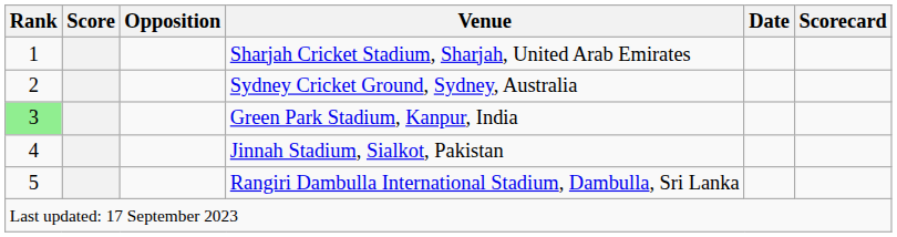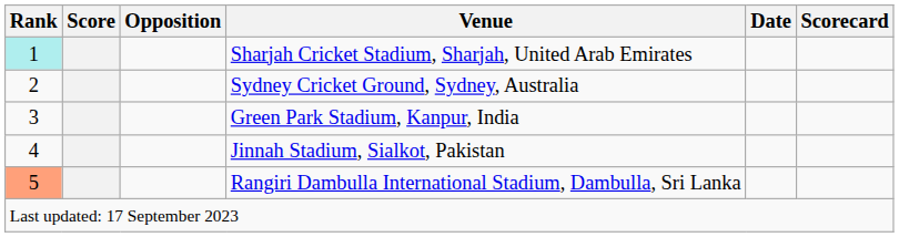 <table class="wikitable sortable">
 <tr>
 <th scope=col>Rank</th>
 <th scope=col>Score</th>
 <th scope=col>Opposition</th>
 <th scope=col>Venue</th>
 <th scope=col>Date</th>
 <th scope=col>Scorecard</th>
 </tr>
 <tr>
-<td align=center>1</td>
+<td align=center style="background: paleturquoise;">1</td>
 <th scope=row style=text-align:center;></th>
 <td></td>
 <td><a href='#'>Sharjah Cricket Stadium</a>, <a href='#'>Sharjah</a>, United Arab Emirates</td>
 <td></td>
 <td></td>
 </tr>
 <tr>
 <td align=center>2</td>
 <th scope=row style=text-align:center;></th>
 <td></td>
 <td><a href='#'>Sydney Cricket Ground</a>, <a href='#'>Sydney</a>, Australia</td>
 <td></td>
 <td></td>
 </tr>
 <tr>
-<td align=center style="background: lightgreen;">3</td>
+<td align=center>3</td>
 <th scope=row style=text-align:center;></th>
 <td></td>
 <td><a href='#'>Green Park Stadium</a>, <a href='#'>Kanpur</a>, India</td>
 <td></td>
 <td></td>
 </tr>
 <tr>
 <td align=center>4</td>
 <th scope=row style=text-align:center;></th>
 <td></td>
 <td><a href='#'>Jinnah Stadium</a>, <a href='#'>Sialkot</a>, Pakistan</td>
 <td></td>
 <td></td>
 </tr>
 <tr>
-<td align=center>5</td>
+<td align=center style="background: lightsalmon;">5</td>
 <th scope=row style=text-align:center;></th>
 <td></td>
 <td><a href='#'>Rangiri Dambulla International Stadium</a>, <a href='#'>Dambulla</a>, Sri Lanka</td>
 <td></td>
 <td></td>
 </tr>
 <tr class=sortbottom>
 <td colspan=6><small>Last updated: 17 September 2023 </small></td>
 </tr>
 </table>
